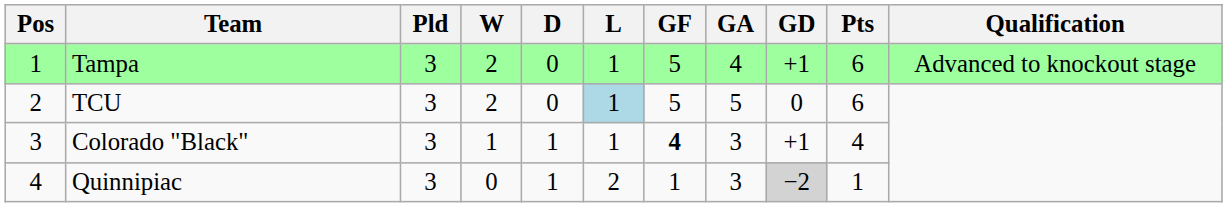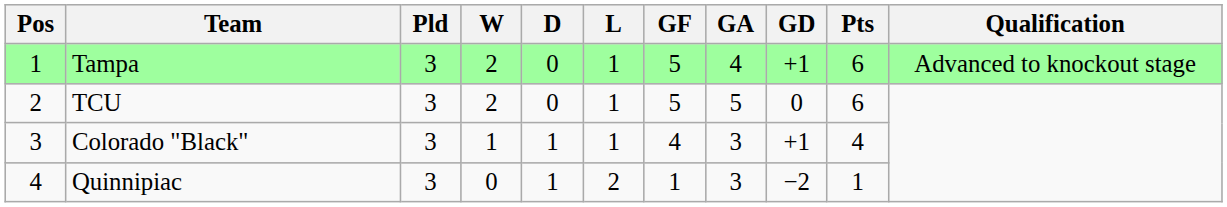 <table class="wikitable" style="text-align:center; margin: 1em auto">
 <tr>
 <th style="width:2em">Pos</th>
 <th style="width:13em">Team</th>
 <th style="width:2em">Pld</th>
 <th style="width:2em">W</th>
 <th style="width:2em">D</th>
 <th style="width:2em">L</th>
 <th style="width:2em">GF</th>
 <th style="width:2em">GA</th>
 <th style="width:2em">GD</th>
 <th style="width:2em">Pts</th>
 <th style="width:13em">Qualification</th>
 </tr>
 <tr bgcolor="#9eff9e">
 <td>1</td>
 <td style="text-align:left">Tampa</td>
 <td>3</td>
 <td>2</td>
 <td>0</td>
 <td>1</td>
 <td>5</td>
 <td>4</td>
 <td>+1</td>
 <td>6</td>
 <td>Advanced to knockout stage</td>
 </tr>
 <tr>
 <td>2</td>
 <td style="text-align:left">TCU</td>
 <td>3</td>
 <td>2</td>
 <td>0</td>
-<td style="background: lightblue;">1</td>
+<td>1</td>
 <td>5</td>
 <td>5</td>
 <td>0</td>
 <td>6</td>
 <td rowspan="3"></td>
 </tr>
 <tr>
 <td>3</td>
 <td style="text-align:left">Colorado "Black"</td>
 <td>3</td>
 <td>1</td>
 <td>1</td>
 <td>1</td>
-<td><strong>4</strong></td>
+<td>4</td>
 <td>3</td>
 <td>+1</td>
 <td>4</td>
 </tr>
 <tr>
 <td>4</td>
 <td style="text-align:left">Quinnipiac</td>
 <td>3</td>
 <td>0</td>
 <td>1</td>
 <td>2</td>
 <td>1</td>
 <td>3</td>
-<td style="background: lightgrey;">−2</td>
+<td>−2</td>
 <td>1</td>
 </tr>
 </table>
